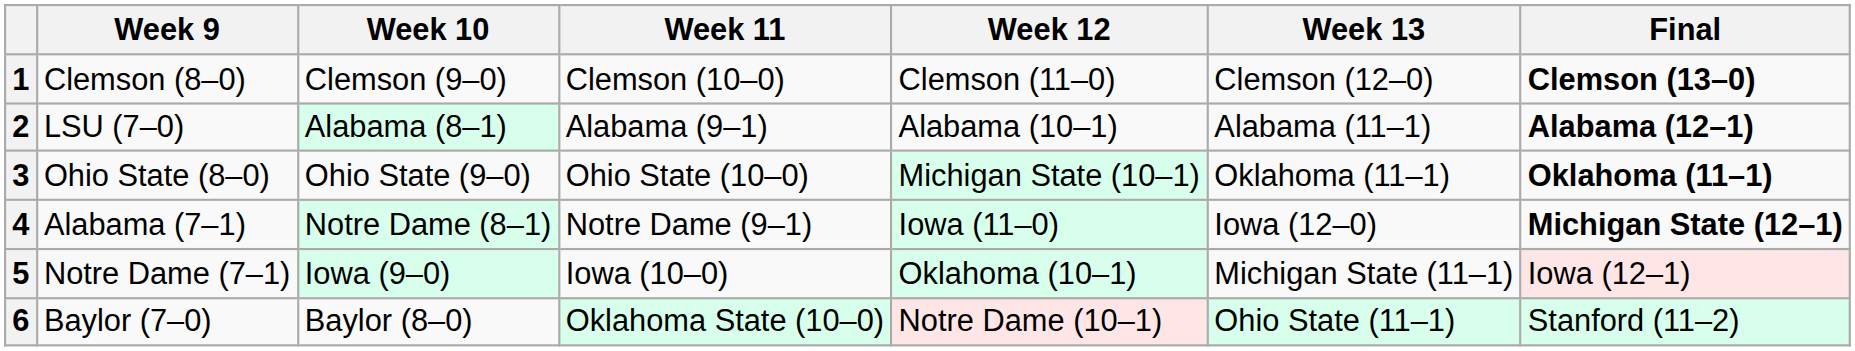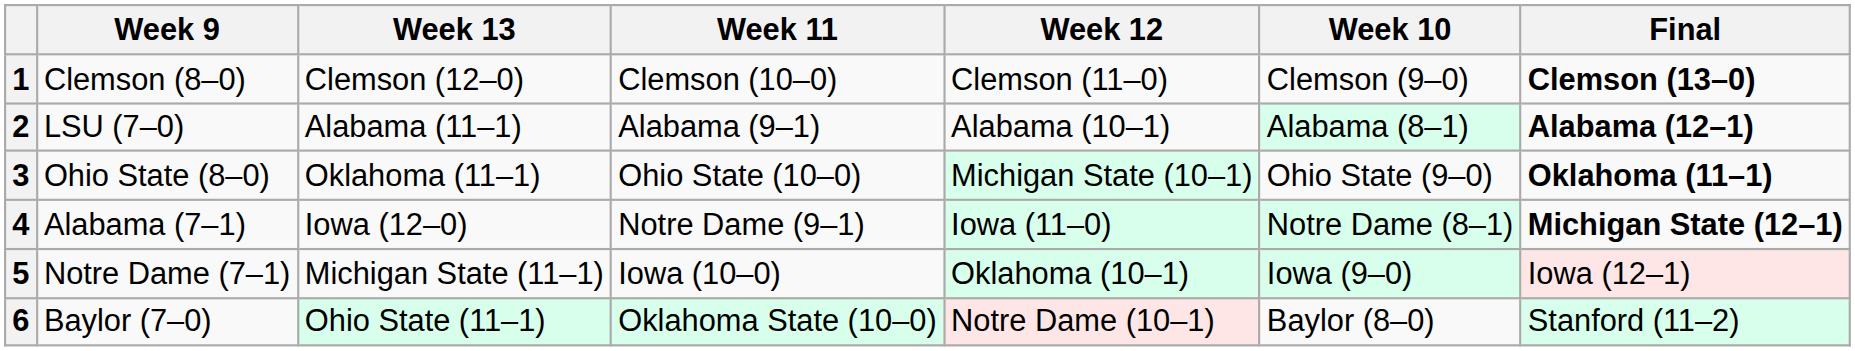 <table class="wikitable" style="font-size:90%">
 <tr>
 <th></th>
 <th>Week 9</th>
-<th>Week 10</th>
+<th>Week 13</th>
 <th>Week 11</th>
 <th>Week 12</th>
-<th>Week 13</th>
+<th>Week 10</th>
 <th>Final</th>
 </tr>
 <tr>
 <th>1</th>
 <td>Clemson (8–0)</td>
-<td>Clemson (9–0)</td>
+<td>Clemson (12–0)</td>
 <td>Clemson (10–0)</td>
 <td>Clemson (11–0)</td>
-<td>Clemson (12–0)</td>
+<td>Clemson (9–0)</td>
 <td style="background:#"><strong>Clemson (13–0)</strong></td>
 </tr>
 <tr>
 <th>2</th>
 <td>LSU (7–0)</td>
-<td style="background:#d8ffeb">Alabama (8–1)</td>
+<td>Alabama (11–1)</td>
 <td>Alabama (9–1)</td>
 <td>Alabama (10–1)</td>
-<td>Alabama (11–1)</td>
+<td style="background:#d8ffeb">Alabama (8–1)</td>
 <td style="background:#"><strong>Alabama (12–1)</strong></td>
 </tr>
 <tr>
 <th>3</th>
 <td>Ohio State (8–0)</td>
-<td>Ohio State (9–0)</td>
+<td>Oklahoma (11–1)</td>
 <td>Ohio State (10–0)</td>
 <td style="background:#d8ffeb">Michigan State (10–1)</td>
-<td>Oklahoma (11–1)</td>
+<td>Ohio State (9–0)</td>
 <td style="background:#"><strong>Oklahoma (11–1)</strong></td>
 </tr>
 <tr>
 <th>4</th>
 <td>Alabama (7–1)</td>
-<td style="background:#d8ffeb">Notre Dame (8–1)</td>
+<td>Iowa (12–0)</td>
 <td>Notre Dame (9–1)</td>
 <td style="background:#d8ffeb">Iowa (11–0)</td>
-<td>Iowa (12–0)</td>
+<td style="background:#d8ffeb">Notre Dame (8–1)</td>
 <td style="background:#"><strong>Michigan State (12–1)</strong></td>
 </tr>
 <tr>
 <th>5</th>
 <td>Notre Dame (7–1)</td>
-<td style="background:#d8ffeb">Iowa (9–0)</td>
+<td>Michigan State (11–1)</td>
 <td>Iowa (10–0)</td>
 <td style="background:#d8ffeb">Oklahoma (10–1)</td>
-<td>Michigan State (11–1)</td>
+<td style="background:#d8ffeb">Iowa (9–0)</td>
 <td style="background:#ffe6e6">Iowa (12–1)</td>
 </tr>
 <tr>
 <th>6</th>
 <td>Baylor (7–0)</td>
-<td>Baylor (8–0)</td>
+<td style="background:#d8ffeb">Ohio State (11–1)</td>
 <td style="background:#d8ffeb">Oklahoma State (10–0)</td>
 <td style="background:#ffe6e6">Notre Dame (10–1)</td>
-<td style="background:#d8ffeb">Ohio State (11–1)</td>
+<td>Baylor (8–0)</td>
 <td style="background:#d8ffeb">Stanford (11–2)</td>
 </tr>
 </table>
